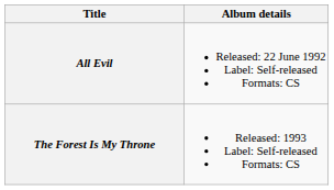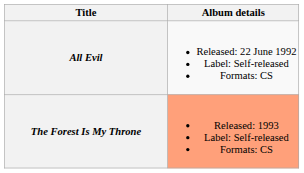 <table class="wikitable plainrowheaders" style="text-align:center;">
 <tr>
 <th scope="col" style="width:15em;">Title</th>
 <th scope="col">Album details</th>
 </tr>
 <tr>
 <th scope="row"><em>All Evil</em></th>
 <td><br><ul><li>Released: 22 June 1992</li><li>Label: Self-released</li><li>Formats: CS</li></ul></td>
 </tr>
 <tr>
 <th scope="row"><em>The Forest Is My Throne</em></th>
-<td><br><ul><li>Released: 1993</li><li>Label: Self-released</li><li>Formats: CS</li></ul></td>
+<td style="background: lightsalmon;"><br><ul><li>Released: 1993</li><li>Label: Self-released</li><li>Formats: CS</li></ul></td>
 </tr>
 </table>
